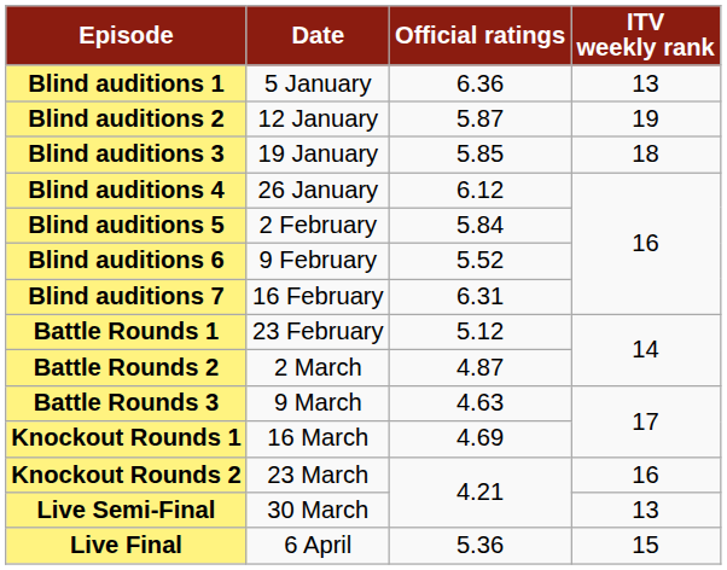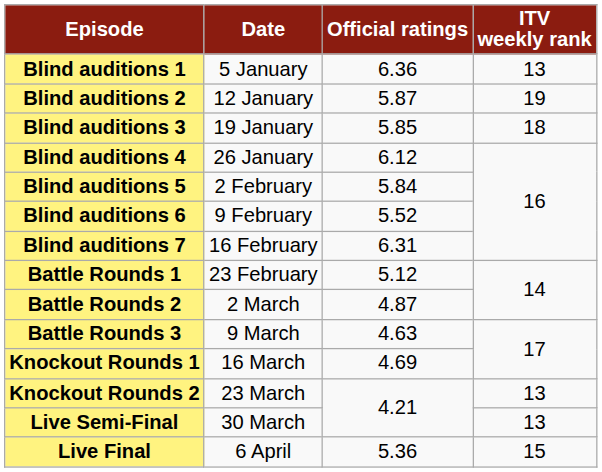 <table class="wikitable" style="text-align:center; background:#f9f9f9; line-height:16px;">
 <tr>
 <th style="background:#8b1c10; color:white;">Episode</th>
 <th style="background:#8b1c10; color:white;">Date</th>
 <th style="background:#8b1c10; color:white;">Official ratings</th>
 <th style="background:#8b1c10; color:white;">ITV<br>weekly rank</th>
 </tr>
 <tr>
 <td style="background:#FFF380"><strong>Blind auditions 1</strong></td>
 <td>5 January</td>
 <td>6.36</td>
 <td>13</td>
 </tr>
 <tr>
 <td style="background:#FFF380"><strong>Blind auditions 2</strong></td>
 <td>12 January</td>
 <td>5.87</td>
 <td>19</td>
 </tr>
 <tr>
 <td style="background:#FFF380"><strong>Blind auditions 3</strong></td>
 <td>19 January</td>
 <td>5.85</td>
 <td>18</td>
 </tr>
 <tr>
 <td style="background:#FFF380"><strong>Blind auditions 4</strong></td>
 <td>26 January</td>
 <td>6.12</td>
 <td rowspan="4">16</td>
 </tr>
 <tr>
 <td style="background:#FFF380"><strong>Blind auditions 5</strong></td>
 <td>2 February</td>
 <td>5.84</td>
 </tr>
 <tr>
 <td style="background:#FFF380"><strong>Blind auditions 6</strong></td>
 <td>9 February</td>
 <td>5.52</td>
 </tr>
 <tr>
 <td style="background:#FFF380"><strong>Blind auditions 7</strong></td>
 <td>16 February</td>
 <td>6.31</td>
 </tr>
 <tr>
 <td style="background:#FFF380"><strong>Battle Rounds 1</strong></td>
 <td>23 February</td>
 <td>5.12</td>
 <td rowspan="2">14</td>
 </tr>
 <tr>
 <td style="background:#FFF380"><strong>Battle Rounds 2</strong></td>
 <td>2 March</td>
 <td>4.87</td>
 </tr>
 <tr>
 <td style="background:#FFF380"><strong>Battle Rounds 3</strong></td>
 <td>9 March</td>
 <td>4.63</td>
 <td rowspan="2">17</td>
 </tr>
 <tr>
 <td style="background:#FFF380"><strong>Knockout Rounds 1</strong></td>
 <td>16 March</td>
 <td>4.69</td>
 </tr>
 <tr>
 <td style="background:#FFF380"><strong>Knockout Rounds 2</strong></td>
 <td>23 March</td>
 <td rowspan="2">4.21</td>
-<td>16</td>
+<td>13</td>
 </tr>
 <tr>
 <td style="background:#FFF380"><strong>Live Semi-Final</strong></td>
 <td>30 March</td>
 <td>13</td>
 </tr>
 <tr>
 <td style="background:#FFF380"><strong>Live Final</strong></td>
 <td>6 April</td>
 <td>5.36</td>
 <td>15</td>
 </tr>
 </table>
